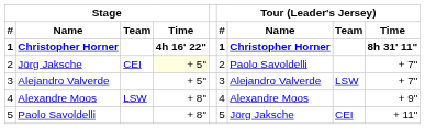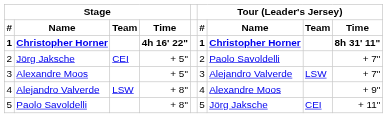 <table style="border-collapse: collapse; border-color: #c0c0c0;" border="1" cellpadding="3">
 <tr>
 <th colspan="4">Stage</th>
 <th></th>
 <th colspan="4">Tour (Leader's Jersey)</th>
 </tr>
 <tr ->
 <th>#</th>
 <th>Name</th>
 <th>Team</th>
 <th>Time</th>
 <th> </th>
 <th>#</th>
 <th>Name</th>
 <th>Team</th>
 <th>Time</th>
 </tr>
 <tr ->
 <th>1</th>
 <th><a href='#'>Christopher Horner</a> </th>
 <th></th>
 <th align="right">4h 16' 22"</th>
 <th></th>
 <th>1</th>
 <th><a href='#'>Christopher Horner</a> </th>
 <th></th>
 <th align="right">8h 31' 11"</th>
 </tr>
 <tr ->
 <td>2</td>
 <td><a href='#'>Jörg Jaksche</a> </td>
 <td><a href='#'>CEI</a></td>
-<td align="right" style="background: lightyellow;">+ 5"</td>
+<td align="right">+ 5"</td>
 <td></td>
 <td>2</td>
 <td><a href='#'>Paolo Savoldelli</a> </td>
 <td></td>
 <td align="right">+ 7"</td>
 </tr>
 <tr ->
 <td>3</td>
-<td><a href='#'>Alejandro Valverde</a> </td>
+<td><a href='#'>Alexandre Moos</a> </td>
 <td></td>
 <td align="right">+ 5"</td>
 <td></td>
 <td>3</td>
 <td><a href='#'>Alejandro Valverde</a> </td>
 <td><a href='#'>LSW</a></td>
 <td align="right">+ 7"</td>
 </tr>
 <tr ->
 <td>4</td>
-<td><a href='#'>Alexandre Moos</a> </td>
+<td><a href='#'>Alejandro Valverde</a> </td>
 <td><a href='#'>LSW</a></td>
 <td align="right">+ 8"</td>
 <td></td>
 <td>4</td>
 <td><a href='#'>Alexandre Moos</a> </td>
 <td></td>
 <td align="right">+ 9"</td>
 </tr>
 <tr ->
 <td>5</td>
 <td><a href='#'>Paolo Savoldelli</a> </td>
 <td></td>
 <td align="right">+ 8"</td>
 <td></td>
 <td>5</td>
 <td><a href='#'>Jörg Jaksche</a> </td>
 <td><a href='#'>CEI</a></td>
 <td align="right">+ 11"</td>
 </tr>
 </table>
